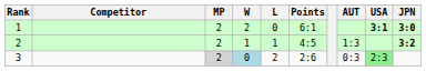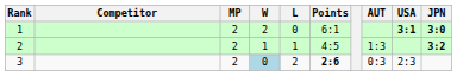 <table class="wikitable" style="text-align:center">
 <tr>
 <th>Rank</th>
 <th style="width:18em">Competitor</th>
 <th style="width:2.5em">MP</th>
 <th style="width:2.5em">W</th>
 <th style="width:2.5em">L</th>
 <th>Points</th>
 <th rowspan="4"> </th>
 <th style="width:2.5em">AUT</th>
 <th style="width:2.5em">USA</th>
 <th style="width:2.5em">JPN</th>
 </tr>
 <tr style="background:#cfc;">
 <td>1</td>
 <td style="text-align:left"></td>
 <td>2</td>
 <td>2</td>
 <td>0</td>
 <td>6:1</td>
 <td></td>
 <td><strong>3:1</strong></td>
 <td><strong>3:0</strong></td>
 </tr>
 <tr style="background:#cfc;">
 <td>2</td>
 <td style="text-align:left"></td>
 <td>2</td>
 <td>1</td>
 <td>1</td>
 <td>4:5</td>
 <td>1:3</td>
 <td></td>
 <td><strong>3:2</strong></td>
 </tr>
 <tr>
 <td>3</td>
 <td style="text-align:left"></td>
-<td style="background: lightgrey;">2</td>
+<td>2</td>
 <td style="background: lightblue;">0</td>
 <td>2</td>
-<td>2:6</td>
+<td><strong>2:6</strong></td>
 <td>0:3</td>
-<td style="background: lightgreen;">2:3</td>
+<td>2:3</td>
 <td></td>
 </tr>
 </table>
